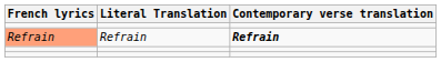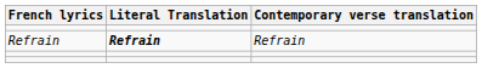 <table class="wikitable">
 <tr>
 <th>French lyrics</th>
 <th>Literal Translation</th>
 <th>Contemporary verse translation</th>
 </tr>
 <tr>
 <td></td>
 <td></td>
 <td></td>
 </tr>
 <tr>
-<td style="background: lightsalmon;"><em>Refrain</em><br></td>
 <td><em>Refrain</em><br></td>
 <td><strong><em>Refrain</em><br></strong></td>
+<td><em>Refrain</em><br></td>
 </tr>
 <tr>
 <td></td>
 <td></td>
 <td></td>
 </tr>
 <tr>
 <td></td>
 <td></td>
 </tr>
 </table>
